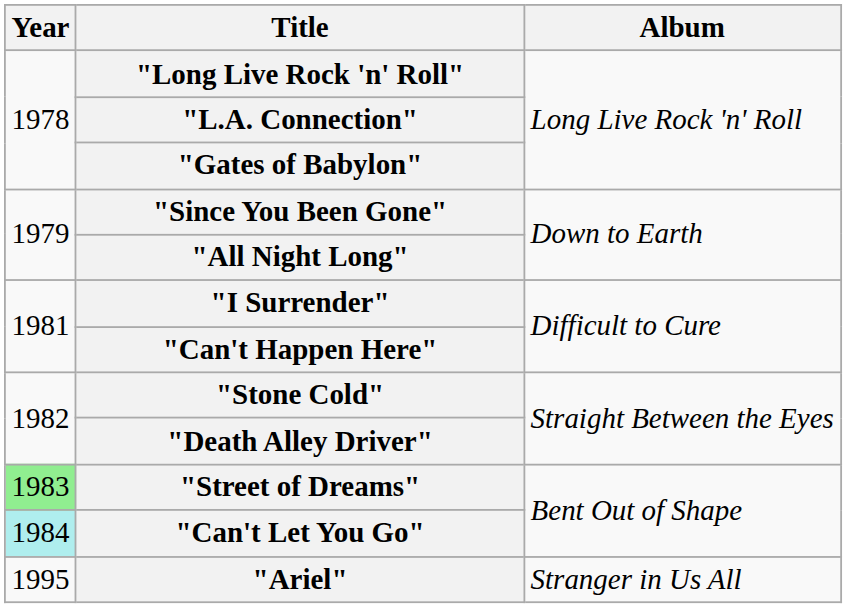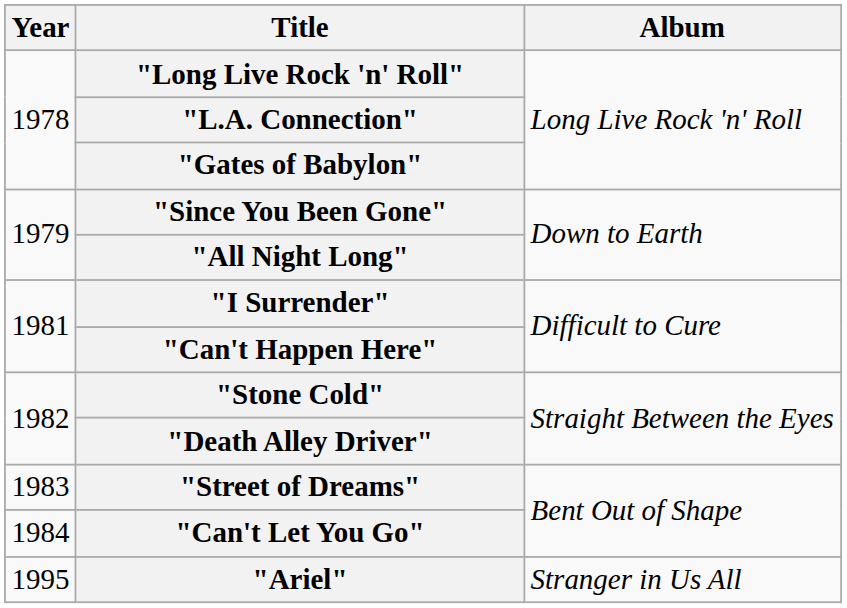 <table class="wikitable plainrowheaders">
 <tr>
 <th scope="col">Year</th>
 <th scope="col" style="width:15em;">Title</th>
 <th scope="col">Album</th>
 </tr>
 <tr>
 <td rowspan="3">1978</td>
 <th scope="row">"Long Live Rock 'n' Roll"</th>
 <td rowspan="3"><em>Long Live Rock 'n' Roll</em></td>
 </tr>
 <tr>
 <th scope="row">"L.A. Connection"</th>
 </tr>
 <tr>
 <th scope="row">"Gates of Babylon"</th>
 </tr>
 <tr>
 <td rowspan="2">1979</td>
 <th scope="row">"Since You Been Gone"</th>
 <td rowspan="2"><em>Down to Earth</em></td>
 </tr>
 <tr>
 <th scope="row">"All Night Long"</th>
 </tr>
 <tr>
 <td rowspan="2">1981</td>
 <th scope="row">"I Surrender"</th>
 <td rowspan="2"><em>Difficult to Cure</em></td>
 </tr>
 <tr>
 <th scope="row">"Can't Happen Here"</th>
 </tr>
 <tr>
 <td rowspan="2">1982</td>
 <th scope="row">"Stone Cold"</th>
 <td rowspan="2"><em>Straight Between the Eyes</em></td>
 </tr>
 <tr>
 <th scope="row">"Death Alley Driver"</th>
 </tr>
 <tr>
-<td style="background: lightgreen;">1983</td>
+<td>1983</td>
 <th scope="row">"Street of Dreams"</th>
 <td rowspan="2"><em>Bent Out of Shape</em></td>
 </tr>
 <tr>
-<td style="background: paleturquoise;">1984</td>
+<td>1984</td>
 <th scope="row">"Can't Let You Go"</th>
 </tr>
 <tr>
 <td>1995</td>
 <th scope="row">"Ariel"</th>
 <td><em>Stranger in Us All</em></td>
 </tr>
 </table>
